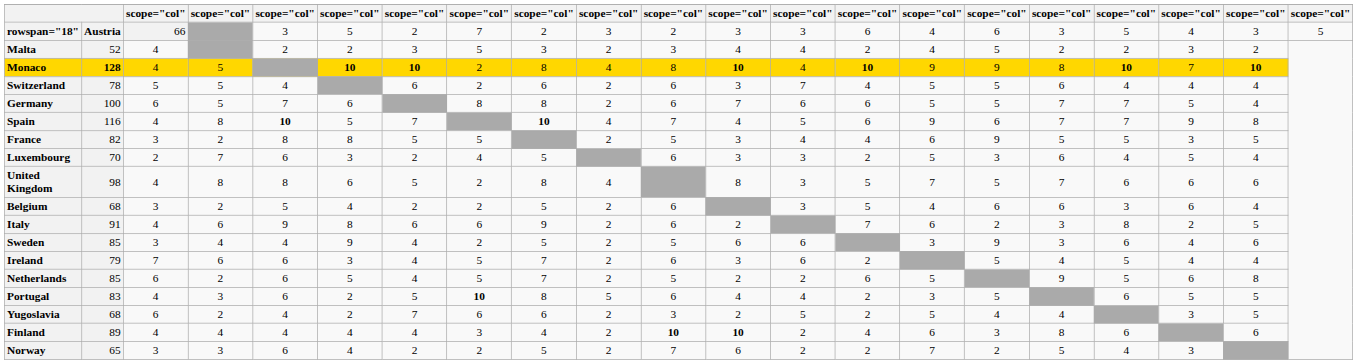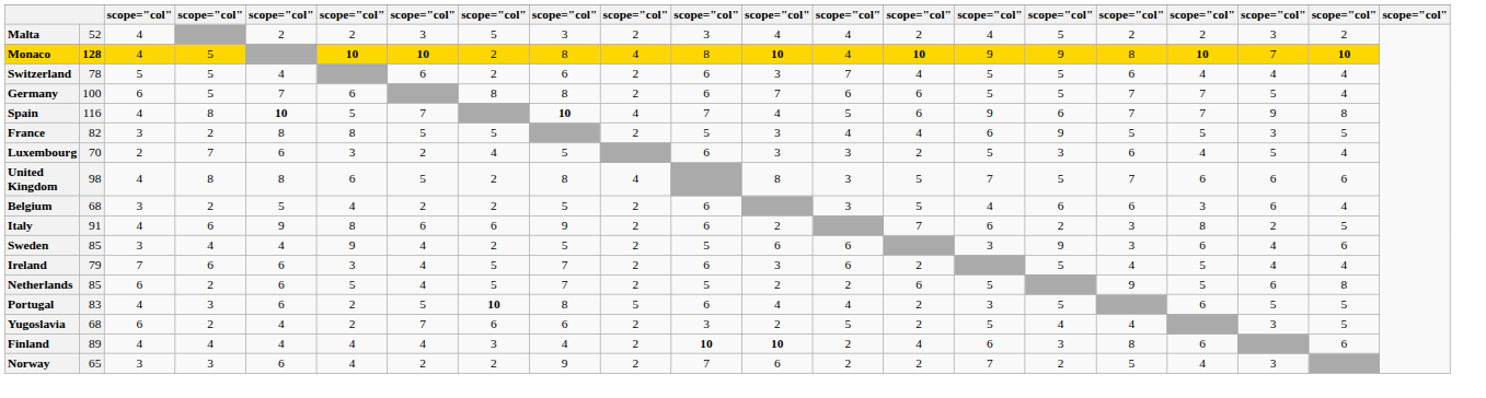 <table class="wikitable plainrowheaders" style="text-align:center;">
 <tr>
 </tr>
 <tr>
 <th colspan="2"></th>
 <th>scope="col" </th>
 <th>scope="col" </th>
 <th>scope="col" </th>
 <th>scope="col" </th>
 <th>scope="col" </th>
 <th>scope="col" </th>
 <th>scope="col" </th>
 <th>scope="col" </th>
 <th>scope="col" </th>
 <th>scope="col" </th>
 <th>scope="col" </th>
 <th>scope="col" </th>
 <th>scope="col" </th>
 <th>scope="col" </th>
 <th>scope="col" </th>
 <th>scope="col" </th>
 <th>scope="col" </th>
 <th>scope="col" </th>
 <th>scope="col" </th>
-</tr>
-<tr>
-<th>rowspan="18" </th>
-<th scope="row" style="text-align:left; background:#f2f2f2;">Austria</th>
-<td style="text-align:right; background:#f2f2f2;">66</td>
-<td style="text-align:left; background:#aaa;"></td>
-<td>3</td>
-<td>5</td>
-<td>2</td>
-<td>7</td>
-<td>2</td>
-<td>3</td>
-<td>2</td>
-<td>3</td>
-<td>3</td>
-<td>6</td>
-<td>4</td>
-<td>6</td>
-<td>3</td>
-<td>5</td>
-<td>4</td>
-<td>3</td>
-<td>5</td>
 </tr>
 <tr>
 <th scope="row" style="text-align:left; background:#f2f2f2;">Malta</th>
 <td style="text-align:right; background:#f2f2f2;">52</td>
 <td>4</td>
 <td style="text-align:left; background:#aaa;"></td>
 <td>2</td>
 <td>2</td>
 <td>3</td>
 <td>5</td>
 <td>3</td>
 <td>2</td>
 <td>3</td>
 <td>4</td>
 <td>4</td>
 <td>2</td>
 <td>4</td>
 <td>5</td>
 <td>2</td>
 <td>2</td>
 <td>3</td>
 <td>2</td>
 </tr>
 <tr style="background:gold;">
 <th scope="row" style="text-align:left; font-weight:bold; background:gold;">Monaco</th>
 <td style="text-align:right; font-weight:bold;">128</td>
 <td>4</td>
 <td>5</td>
 <td style="text-align:left; background:#aaa;"></td>
 <td><strong>10</strong></td>
 <td><strong>10</strong></td>
 <td>2</td>
 <td>8</td>
 <td>4</td>
 <td>8</td>
 <td><strong>10</strong></td>
 <td>4</td>
 <td><strong>10</strong></td>
 <td>9</td>
 <td>9</td>
 <td>8</td>
 <td><strong>10</strong></td>
 <td>7</td>
 <td><strong>10</strong></td>
 </tr>
 <tr>
 <th scope="row" style="text-align:left; background:#f2f2f2;">Switzerland</th>
 <td style="text-align:right; background:#f2f2f2;">78</td>
 <td>5</td>
 <td>5</td>
 <td>4</td>
 <td style="text-align:left; background:#aaa;"></td>
 <td>6</td>
 <td>2</td>
 <td>6</td>
 <td>2</td>
 <td>6</td>
 <td>3</td>
 <td>7</td>
 <td>4</td>
 <td>5</td>
 <td>5</td>
 <td>6</td>
 <td>4</td>
 <td>4</td>
 <td>4</td>
 </tr>
 <tr>
 <th scope="row" style="text-align:left; background:#f2f2f2;">Germany</th>
 <td style="text-align:right; background:#f2f2f2;">100</td>
 <td>6</td>
 <td>5</td>
 <td>7</td>
 <td>6</td>
 <td style="text-align:left; background:#aaa;"></td>
 <td>8</td>
 <td>8</td>
 <td>2</td>
 <td>6</td>
 <td>7</td>
 <td>6</td>
 <td>6</td>
 <td>5</td>
 <td>5</td>
 <td>7</td>
 <td>7</td>
 <td>5</td>
 <td>4</td>
 </tr>
 <tr>
 <th scope="row" style="text-align:left; background:#f2f2f2;">Spain</th>
 <td style="text-align:right; background:#f2f2f2;">116</td>
 <td>4</td>
 <td>8</td>
 <td><strong>10</strong></td>
 <td>5</td>
 <td>7</td>
 <td style="text-align:left; background:#aaa;"></td>
 <td><strong>10</strong></td>
 <td>4</td>
 <td>7</td>
 <td>4</td>
 <td>5</td>
 <td>6</td>
 <td>9</td>
 <td>6</td>
 <td>7</td>
 <td>7</td>
 <td>9</td>
 <td>8</td>
 </tr>
 <tr>
 <th scope="row" style="text-align:left; background:#f2f2f2;">France</th>
 <td style="text-align:right; background:#f2f2f2;">82</td>
 <td>3</td>
 <td>2</td>
 <td>8</td>
 <td>8</td>
 <td>5</td>
 <td>5</td>
 <td style="text-align:left; background:#aaa;"></td>
 <td>2</td>
 <td>5</td>
 <td>3</td>
 <td>4</td>
 <td>4</td>
 <td>6</td>
 <td>9</td>
 <td>5</td>
 <td>5</td>
 <td>3</td>
 <td>5</td>
 </tr>
 <tr>
 <th scope="row" style="text-align:left; background:#f2f2f2;">Luxembourg</th>
 <td style="text-align:right; background:#f2f2f2;">70</td>
 <td>2</td>
 <td>7</td>
 <td>6</td>
 <td>3</td>
 <td>2</td>
 <td>4</td>
 <td>5</td>
 <td style="text-align:left; background:#aaa;"></td>
 <td>6</td>
 <td>3</td>
 <td>3</td>
 <td>2</td>
 <td>5</td>
 <td>3</td>
 <td>6</td>
 <td>4</td>
 <td>5</td>
 <td>4</td>
 </tr>
 <tr>
 <th scope="row" style="text-align:left; background:#f2f2f2;">United Kingdom</th>
 <td style="text-align:right; background:#f2f2f2;">98</td>
 <td>4</td>
 <td>8</td>
 <td>8</td>
 <td>6</td>
 <td>5</td>
 <td>2</td>
 <td>8</td>
 <td>4</td>
 <td style="text-align:left; background:#aaa;"></td>
 <td>8</td>
 <td>3</td>
 <td>5</td>
 <td>7</td>
 <td>5</td>
 <td>7</td>
 <td>6</td>
 <td>6</td>
 <td>6</td>
 </tr>
 <tr>
 <th scope="row" style="text-align:left; background:#f2f2f2;">Belgium</th>
 <td style="text-align:right; background:#f2f2f2;">68</td>
 <td>3</td>
 <td>2</td>
 <td>5</td>
 <td>4</td>
 <td>2</td>
 <td>2</td>
 <td>5</td>
 <td>2</td>
 <td>6</td>
 <td style="text-align:left; background:#aaa;"></td>
 <td>3</td>
 <td>5</td>
 <td>4</td>
 <td>6</td>
 <td>6</td>
 <td>3</td>
 <td>6</td>
 <td>4</td>
 </tr>
 <tr>
 <th scope="row" style="text-align:left; background:#f2f2f2;">Italy</th>
 <td style="text-align:right; background:#f2f2f2;">91</td>
 <td>4</td>
 <td>6</td>
 <td>9</td>
 <td>8</td>
 <td>6</td>
 <td>6</td>
 <td>9</td>
 <td>2</td>
 <td>6</td>
 <td>2</td>
 <td style="text-align:left; background:#aaa;"></td>
 <td>7</td>
 <td>6</td>
 <td>2</td>
 <td>3</td>
 <td>8</td>
 <td>2</td>
 <td>5</td>
 </tr>
 <tr>
 <th scope="row" style="text-align:left; background:#f2f2f2;">Sweden</th>
 <td style="text-align:right; background:#f2f2f2;">85</td>
 <td>3</td>
 <td>4</td>
 <td>4</td>
 <td>9</td>
 <td>4</td>
 <td>2</td>
 <td>5</td>
 <td>2</td>
 <td>5</td>
 <td>6</td>
 <td>6</td>
 <td style="text-align:left; background:#aaa;"></td>
 <td>3</td>
 <td>9</td>
 <td>3</td>
 <td>6</td>
 <td>4</td>
 <td>6</td>
 </tr>
 <tr>
 <th scope="row" style="text-align:left; background:#f2f2f2;">Ireland</th>
 <td style="text-align:right; background:#f2f2f2;">79</td>
 <td>7</td>
 <td>6</td>
 <td>6</td>
 <td>3</td>
 <td>4</td>
 <td>5</td>
 <td>7</td>
 <td>2</td>
 <td>6</td>
 <td>3</td>
 <td>6</td>
 <td>2</td>
 <td style="text-align:left; background:#aaa;"></td>
 <td>5</td>
 <td>4</td>
 <td>5</td>
 <td>4</td>
 <td>4</td>
 </tr>
 <tr>
 <th scope="row" style="text-align:left; background:#f2f2f2;">Netherlands</th>
 <td style="text-align:right; background:#f2f2f2;">85</td>
 <td>6</td>
 <td>2</td>
 <td>6</td>
 <td>5</td>
 <td>4</td>
 <td>5</td>
 <td>7</td>
 <td>2</td>
 <td>5</td>
 <td>2</td>
 <td>2</td>
 <td>6</td>
 <td>5</td>
 <td style="text-align:left; background:#aaa;"></td>
 <td>9</td>
 <td>5</td>
 <td>6</td>
 <td>8</td>
 </tr>
 <tr>
 <th scope="row" style="text-align:left; background:#f2f2f2;">Portugal</th>
 <td style="text-align:right; background:#f2f2f2;">83</td>
 <td>4</td>
 <td>3</td>
 <td>6</td>
 <td>2</td>
 <td>5</td>
 <td><strong>10</strong></td>
 <td>8</td>
 <td>5</td>
 <td>6</td>
 <td>4</td>
 <td>4</td>
 <td>2</td>
 <td>3</td>
 <td>5</td>
 <td style="text-align:left; background:#aaa;"></td>
 <td>6</td>
 <td>5</td>
 <td>5</td>
 </tr>
 <tr>
 <th scope="row" style="text-align:left; background:#f2f2f2;">Yugoslavia</th>
 <td style="text-align:right; background:#f2f2f2;">68</td>
 <td>6</td>
 <td>2</td>
 <td>4</td>
 <td>2</td>
 <td>7</td>
 <td>6</td>
 <td>6</td>
 <td>2</td>
 <td>3</td>
 <td>2</td>
 <td>5</td>
 <td>2</td>
 <td>5</td>
 <td>4</td>
 <td>4</td>
 <td style="text-align:left; background:#aaa;"></td>
 <td>3</td>
 <td>5</td>
 </tr>
 <tr>
 <th scope="row" style="text-align:left; background:#f2f2f2;">Finland</th>
 <td style="text-align:right; background:#f2f2f2;">89</td>
 <td>4</td>
 <td>4</td>
 <td>4</td>
 <td>4</td>
 <td>4</td>
 <td>3</td>
 <td>4</td>
 <td>2</td>
 <td><strong>10</strong></td>
 <td><strong>10</strong></td>
 <td>2</td>
 <td>4</td>
 <td>6</td>
 <td>3</td>
 <td>8</td>
 <td>6</td>
 <td style="text-align:left; background:#aaa;"></td>
 <td>6</td>
 </tr>
 <tr>
 <th scope="row" style="text-align:left; background:#f2f2f2;">Norway</th>
 <td style="text-align:right; background:#f2f2f2;">65</td>
 <td>3</td>
 <td>3</td>
 <td>6</td>
 <td>4</td>
 <td>2</td>
 <td>2</td>
-<td>5</td>
+<td>9</td>
 <td>2</td>
 <td>7</td>
 <td>6</td>
 <td>2</td>
 <td>2</td>
 <td>7</td>
 <td>2</td>
 <td>5</td>
 <td>4</td>
 <td>3</td>
 <td style="text-align:left; background:#aaa;"></td>
 </tr>
 </table>
